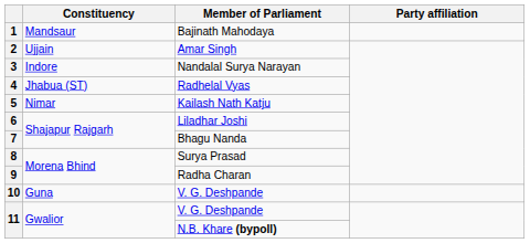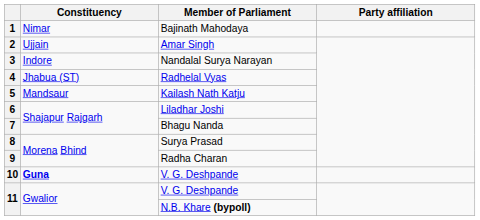 <table class="wikitable sortable">
 <tr style="text-align:center;">
 <th></th>
 <th style="width:13em">Constituency</th>
 <th style="width:15em">Member of Parliament</th>
 <th colspan="2" style="width:15em">Party affiliation</th>
 </tr>
 <tr>
 <th>1</th>
-<td><a href='#'>Mandsaur</a></td>
+<td><a href='#'>Nimar</a></td>
 <td>Bajinath Mahodaya</td>
 <td></td>
 </tr>
 <tr>
 <th>2</th>
 <td><a href='#'>Ujjain</a></td>
 <td><a href='#'>Amar Singh</a></td>
 </tr>
 <tr>
 <th>3</th>
 <td><a href='#'>Indore</a></td>
 <td>Nandalal Surya Narayan</td>
 </tr>
 <tr>
 <th>4</th>
 <td><a href='#'>Jhabua (ST)</a></td>
 <td><a href='#'>Radhelal Vyas</a></td>
 </tr>
 <tr>
 <th>5</th>
-<td><a href='#'>Nimar</a></td>
+<td><a href='#'>Mandsaur</a></td>
 <td><a href='#'>Kailash Nath Katju</a></td>
 </tr>
 <tr>
 <th>6</th>
 <td rowspan=2><a href='#'>Shajapur</a> <a href='#'>Rajgarh</a></td>
 <td><a href='#'>Liladhar Joshi</a></td>
 </tr>
 <tr>
 <th>7</th>
 <td>Bhagu Nanda</td>
 </tr>
 <tr>
 <th>8</th>
 <td rowspan=2><a href='#'>Morena</a> <a href='#'>Bhind</a></td>
 <td>Surya Prasad</td>
 </tr>
 <tr>
 <th>9</th>
 <td>Radha Charan</td>
 </tr>
 <tr>
 <th>10</th>
-<td><a href='#'>Guna</a></td>
+<td><strong><a href='#'>Guna</a></strong></td>
 <td><a href='#'>V. G. Deshpande</a></td>
 <td></td>
 </tr>
 <tr>
 <th rowspan=2>11</th>
 <td rowspan=2><a href='#'>Gwalior</a></td>
 <td><a href='#'>V. G. Deshpande</a></td>
 </tr>
 <tr>
 <td><a href='#'>N.B. Khare</a> <strong>(bypoll)</strong></td>
 </tr>
 </table>
